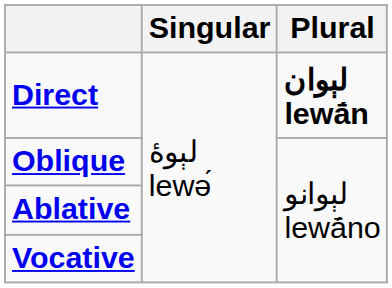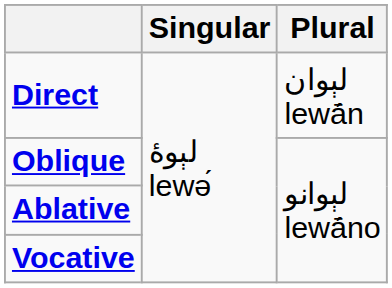 <table class="wikitable">
 <tr>
 <th></th>
 <th>Singular</th>
 <th>Plural</th>
 </tr>
 <tr>
 <td><strong><a href='#'>Direct</a></strong></td>
 <td rowspan="4">لېوۀ<br>lewә́</td>
-<td><strong>لېوان<br>lewā́n</strong></td>
+<td>لېوان<br>lewā́n</td>
 </tr>
 <tr>
 <td><strong><a href='#'>Oblique</a></strong></td>
 <td rowspan="3">لېوانو<br>lewā́no</td>
 </tr>
 <tr>
 <td><strong><a href='#'>Ablative</a></strong></td>
 </tr>
 <tr>
 <td><strong><a href='#'>Vocative</a></strong></td>
 </tr>
 </table>
